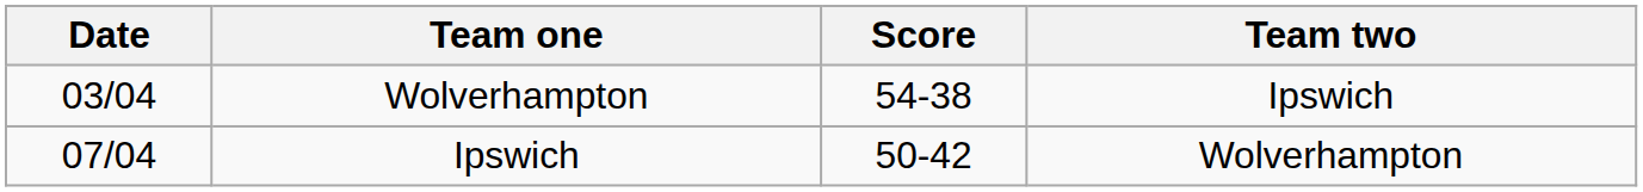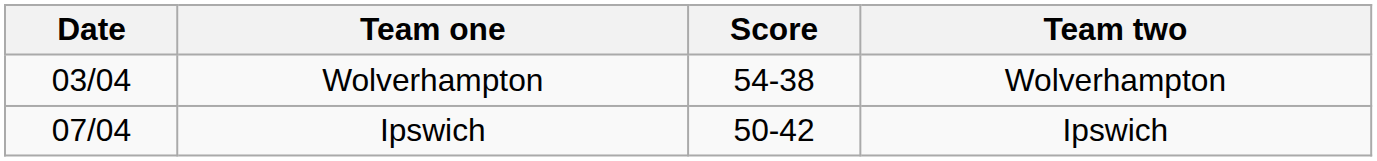 <table class="wikitable" style="text-align: center">
 <tr>
 <th width=80>Date</th>
 <th width=250>Team one</th>
 <th width=80>Score</th>
 <th width=250>Team two</th>
 </tr>
 <tr>
 <td>03/04</td>
 <td>Wolverhampton</td>
 <td>54-38</td>
-<td>Ipswich</td>
+<td>Wolverhampton</td>
 </tr>
 <tr>
 <td>07/04</td>
 <td>Ipswich</td>
 <td>50-42</td>
-<td>Wolverhampton</td>
+<td>Ipswich</td>
 </tr>
 </table>
